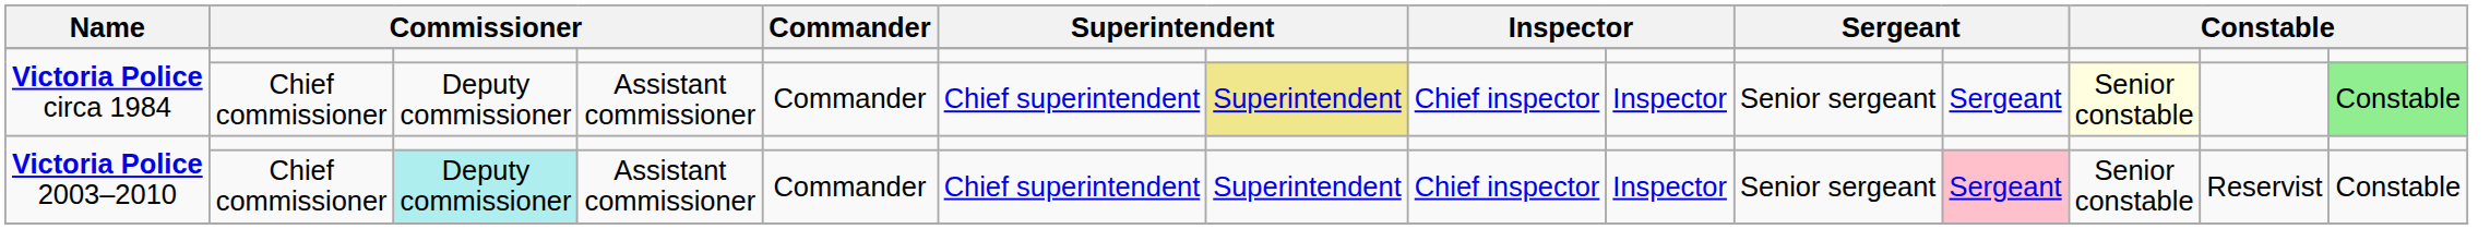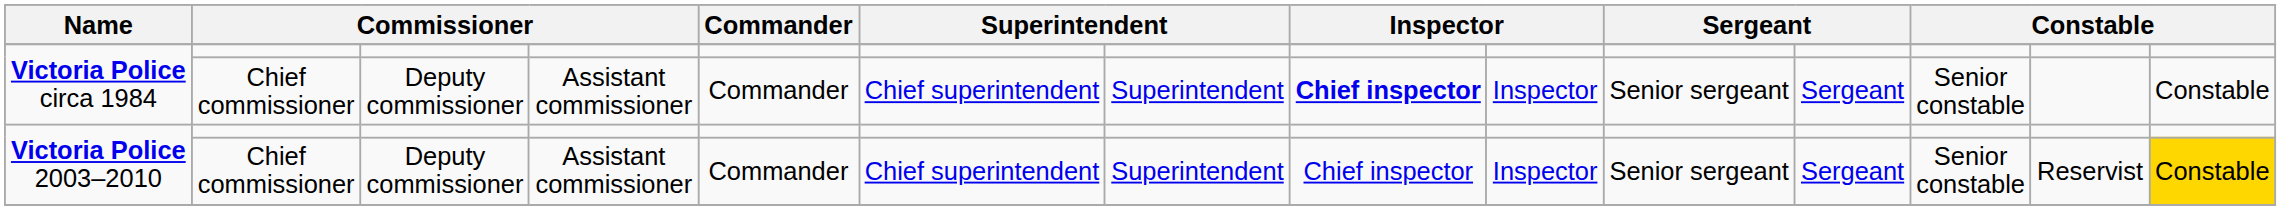 <table class="wikitable" style="text-align:center; padding:5px; font-size:85%; margin: 0px 12px 12px 0px;">
 <tr>
 <th>Name</th>
 <th colspan="3">Commissioner</th>
 <th colspan="1">Commander</th>
 <th colspan="2">Superintendent</th>
 <th colspan="2">Inspector</th>
 <th colspan="2">Sergeant</th>
 <th colspan="3">Constable</th>
 </tr>
 <tr>
 </tr>
 <tr>
 <td rowspan=2> <strong><a href='#'>Victoria Police</a></strong><br>circa 1984</td>
 <td></td>
 <td></td>
 <td></td>
 <td></td>
 <td></td>
 <td></td>
 <td></td>
 <td></td>
 <td></td>
 <td></td>
 <td></td>
 <td></td>
 <td></td>
 </tr>
 <tr>
 <td>Chief<br>commissioner</td>
 <td>Deputy<br>commissioner</td>
 <td>Assistant<br>commissioner</td>
 <td>Commander</td>
 <td><a href='#'>Chief superintendent</a></td>
-<td style="background: khaki;"><a href='#'>Superintendent</a></td>
-<td><a href='#'>Chief inspector</a></td>
+<td><a href='#'>Superintendent</a></td>
+<td><strong><a href='#'>Chief inspector</a></strong></td>
 <td><a href='#'>Inspector</a></td>
 <td>Senior sergeant</td>
 <td><a href='#'>Sergeant</a></td>
-<td style="background: lightyellow;">Senior<br>constable</td>
+<td>Senior<br>constable</td>
 <td></td>
-<td style="background: lightgreen;">Constable</td>
+<td>Constable</td>
 </tr>
 <tr>
 <td rowspan=2> <strong><a href='#'>Victoria Police</a></strong><br>2003–2010</td>
 <td></td>
 <td></td>
 <td></td>
 <td></td>
 <td></td>
 <td></td>
 <td></td>
 <td></td>
 <td></td>
 <td></td>
 <td></td>
 <td></td>
 <td></td>
 </tr>
 <tr>
 <td>Chief<br>commissioner</td>
-<td style="background: paleturquoise;">Deputy<br>commissioner</td>
+<td>Deputy<br>commissioner</td>
 <td>Assistant<br>commissioner</td>
 <td>Commander</td>
 <td><a href='#'>Chief superintendent</a></td>
 <td><a href='#'>Superintendent</a></td>
 <td><a href='#'>Chief inspector</a></td>
 <td><a href='#'>Inspector</a></td>
 <td>Senior sergeant</td>
-<td style="background: pink;"><a href='#'>Sergeant</a></td>
+<td><a href='#'>Sergeant</a></td>
 <td>Senior<br>constable</td>
 <td>Reservist</td>
-<td>Constable</td>
+<td style="background: gold;">Constable</td>
 </tr>
 <tr>
 </tr>
 </table>
